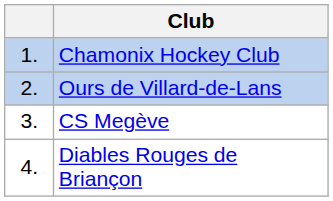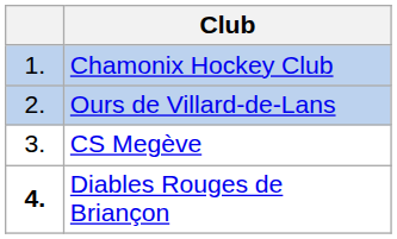 <table class="wikitable">
 <tr>
 <th width="30"></th>
 <th width="200">Club</th>
 </tr>
 <tr bgcolor="#BCD2EE" align="center">
 <td>1.</td>
 <td align="left"><a href='#'>Chamonix Hockey Club</a></td>
 </tr>
 <tr bgcolor="#BCD2EE" align="center">
 <td>2.</td>
 <td align="left"><a href='#'>Ours de Villard-de-Lans</a></td>
 </tr>
 <tr bgcolor="#FFFFFF" align="center">
 <td>3.</td>
 <td align="left"><a href='#'>CS Megève</a></td>
 </tr>
 <tr bgcolor="#FFFFFF" align="center">
-<td>4.</td>
+<td><strong>4.</strong></td>
 <td align="left"><a href='#'>Diables Rouges de Briançon</a></td>
 </tr>
 </table>
